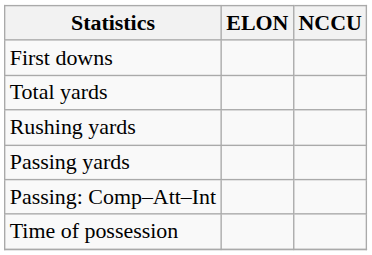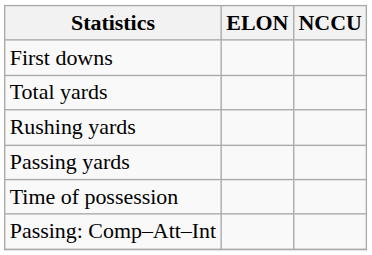 <table class="wikitable" style="float: left;">
 <tr>
 <th>Statistics</th>
 <th>ELON</th>
 <th>NCCU</th>
 </tr>
 <tr>
 <td>First downs</td>
 <td></td>
 <td></td>
 </tr>
 <tr>
 <td>Total yards</td>
 <td></td>
 <td></td>
 </tr>
 <tr>
 <td>Rushing yards</td>
 <td></td>
 <td></td>
 </tr>
 <tr>
 <td>Passing yards</td>
 <td></td>
 <td></td>
 </tr>
 <tr>
-<td>Passing: Comp–Att–Int</td>
+<td>Time of possession</td>
 <td></td>
 <td></td>
 </tr>
 <tr>
-<td>Time of possession</td>
+<td>Passing: Comp–Att–Int</td>
 <td></td>
 <td></td>
 </tr>
 <tr>
 </tr>
 </table>
